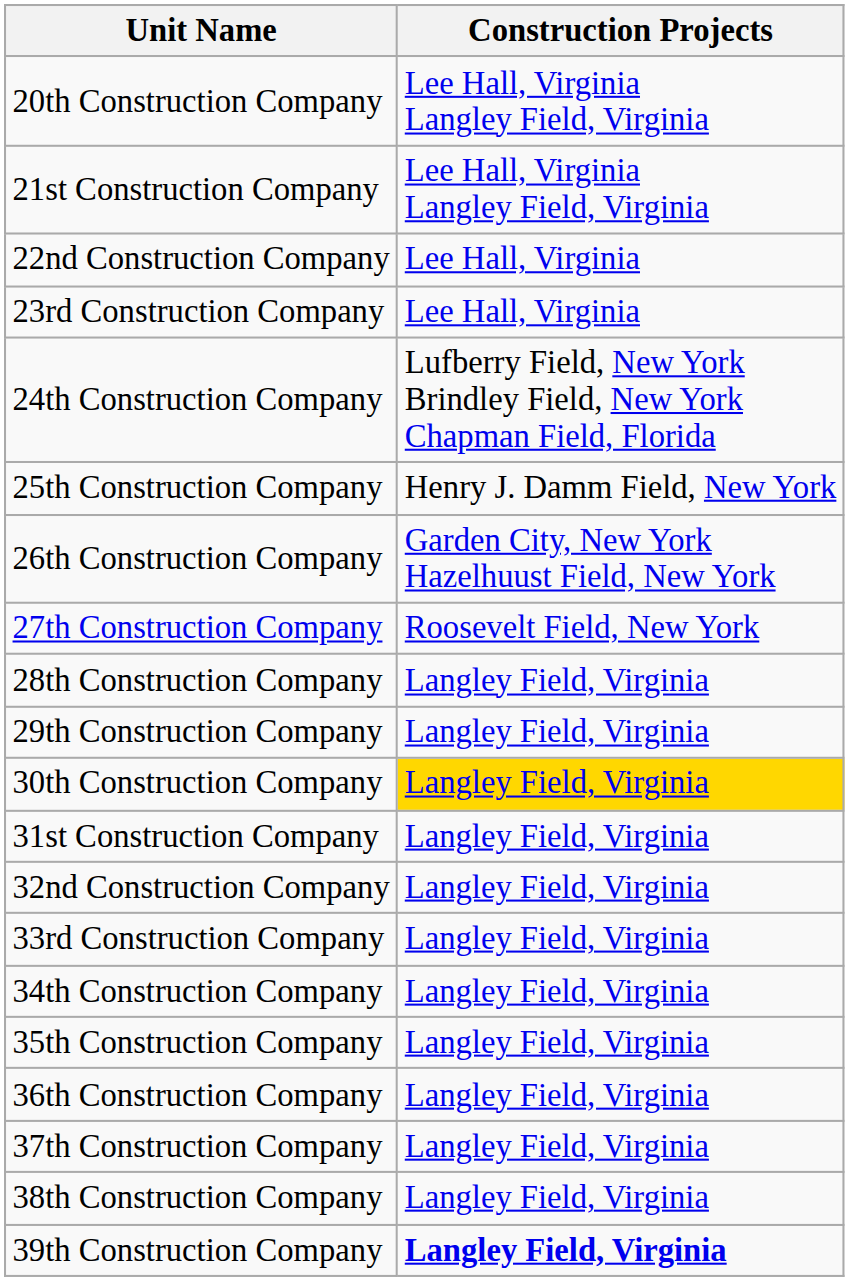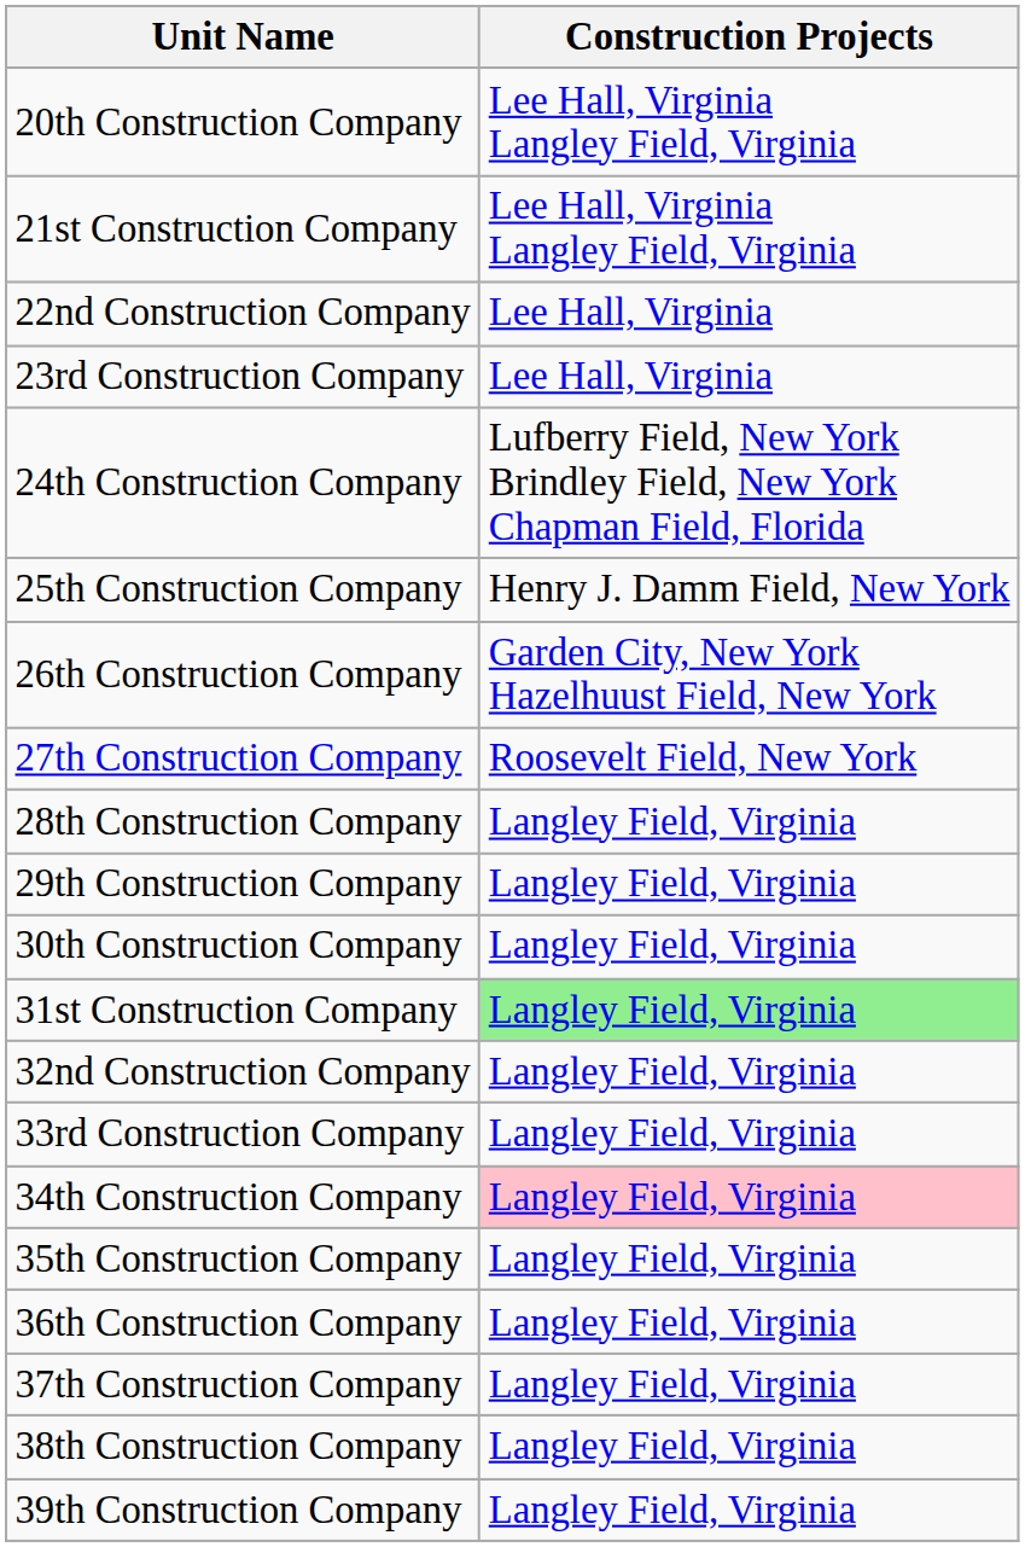 <table class="wikitable">
 <tr>
 <th>Unit Name</th>
 <th>Construction Projects</th>
 </tr>
 <tr>
 <td>20th Construction Company</td>
 <td><a href='#'>Lee Hall, Virginia</a><br><a href='#'>Langley Field, Virginia</a></td>
 </tr>
 <tr>
 <td>21st Construction Company</td>
 <td><a href='#'>Lee Hall, Virginia</a><br><a href='#'>Langley Field, Virginia</a></td>
 </tr>
 <tr>
 <td>22nd Construction Company</td>
 <td><a href='#'>Lee Hall, Virginia</a></td>
 </tr>
 <tr>
 <td>23rd Construction Company</td>
 <td><a href='#'>Lee Hall, Virginia</a></td>
 </tr>
 <tr>
 <td>24th Construction Company</td>
 <td>Lufberry Field, <a href='#'>New York</a><br>Brindley Field, <a href='#'>New York</a><br><a href='#'>Chapman Field, Florida</a></td>
 </tr>
 <tr>
 <td>25th Construction Company</td>
 <td>Henry J. Damm Field, <a href='#'>New York</a></td>
 </tr>
 <tr>
 <td>26th Construction Company</td>
 <td><a href='#'>Garden City, New York</a><br><a href='#'>Hazelhuust Field, New York</a></td>
 </tr>
 <tr>
 <td><a href='#'>27th Construction Company</a></td>
 <td><a href='#'>Roosevelt Field, New York</a></td>
 </tr>
 <tr>
 <td>28th Construction Company</td>
 <td><a href='#'>Langley Field, Virginia</a></td>
 </tr>
 <tr>
 <td>29th Construction Company</td>
 <td><a href='#'>Langley Field, Virginia</a></td>
 </tr>
 <tr>
 <td>30th Construction Company</td>
-<td style="background: gold;"><a href='#'>Langley Field, Virginia</a></td>
+<td><a href='#'>Langley Field, Virginia</a></td>
 </tr>
 <tr>
 <td>31st Construction Company</td>
-<td><a href='#'>Langley Field, Virginia</a></td>
+<td style="background: lightgreen;"><a href='#'>Langley Field, Virginia</a></td>
 </tr>
 <tr>
 <td>32nd Construction Company</td>
 <td><a href='#'>Langley Field, Virginia</a></td>
 </tr>
 <tr>
 <td>33rd Construction Company</td>
 <td><a href='#'>Langley Field, Virginia</a></td>
 </tr>
 <tr>
 <td>34th Construction Company</td>
-<td><a href='#'>Langley Field, Virginia</a></td>
+<td style="background: pink;"><a href='#'>Langley Field, Virginia</a></td>
 </tr>
 <tr>
 <td>35th Construction Company</td>
 <td><a href='#'>Langley Field, Virginia</a></td>
 </tr>
 <tr>
 <td>36th Construction Company</td>
 <td><a href='#'>Langley Field, Virginia</a></td>
 </tr>
 <tr>
 <td>37th Construction Company</td>
 <td><a href='#'>Langley Field, Virginia</a></td>
 </tr>
 <tr>
 <td>38th Construction Company</td>
 <td><a href='#'>Langley Field, Virginia</a></td>
 </tr>
 <tr>
 <td>39th Construction Company</td>
-<td><strong><a href='#'>Langley Field, Virginia</a></strong></td>
+<td><a href='#'>Langley Field, Virginia</a></td>
 </tr>
 </table>
